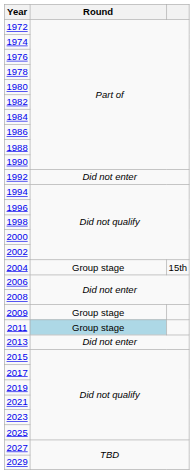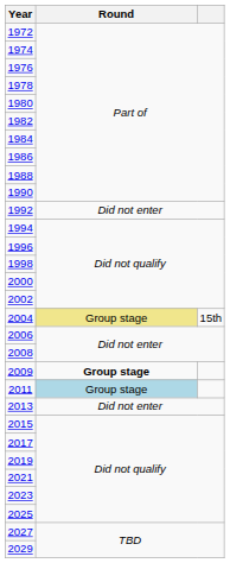 <table class="wikitable" style="text-align: center; font-size:90%">
 <tr>
 <th>Year</th>
 <th style="width:200px">Round</th>
 <th></th>
 </tr>
 <tr>
 <td><a href='#'>1972</a></td>
 <td colspan="2" rowspan="10"><em>Part of </em></td>
 </tr>
 <tr>
 <td><a href='#'>1974</a></td>
 </tr>
 <tr>
 <td><a href='#'>1976</a></td>
 </tr>
 <tr>
 <td><a href='#'>1978</a></td>
 </tr>
 <tr>
 <td><a href='#'>1980</a></td>
 </tr>
 <tr>
 <td><a href='#'>1982</a></td>
 </tr>
 <tr>
 <td><a href='#'>1984</a></td>
 </tr>
 <tr>
 <td><a href='#'>1986</a></td>
 </tr>
 <tr>
 <td><a href='#'>1988</a></td>
 </tr>
 <tr>
 <td><a href='#'>1990</a></td>
 </tr>
 <tr>
 <td><a href='#'>1992</a></td>
 <td colspan="2"><em>Did not enter</em></td>
 </tr>
 <tr>
 <td><a href='#'>1994</a></td>
 <td colspan="2" rowspan="5"><em>Did not qualify</em></td>
 </tr>
 <tr>
 <td><a href='#'>1996</a></td>
 </tr>
 <tr>
 <td><a href='#'>1998</a></td>
 </tr>
 <tr>
 <td><a href='#'>2000</a></td>
 </tr>
 <tr>
 <td><a href='#'>2002</a></td>
 </tr>
 <tr>
 <td><a href='#'>2004</a></td>
-<td>Group stage</td>
+<td style="background: khaki;">Group stage</td>
 <td>15th</td>
 </tr>
 <tr>
 <td><a href='#'>2006</a></td>
 <td colspan="2" rowspan="2"><em>Did not enter</em></td>
 </tr>
 <tr>
 <td><a href='#'>2008</a></td>
 </tr>
 <tr>
 <td><a href='#'>2009</a></td>
-<td>Group stage</td>
+<td><strong>Group stage</strong></td>
 <td></td>
 </tr>
 <tr>
 <td><a href='#'>2011</a></td>
 <td style="background: lightblue;">Group stage</td>
 <td></td>
 </tr>
 <tr>
 <td><a href='#'>2013</a></td>
 <td colspan="2"><em>Did not enter</em></td>
 </tr>
 <tr>
 <td><a href='#'>2015</a></td>
 <td colspan="2" rowspan="6"><em>Did not qualify</em></td>
 </tr>
 <tr>
 <td><a href='#'>2017</a></td>
 </tr>
 <tr>
 <td><a href='#'>2019</a></td>
 </tr>
 <tr>
 <td><a href='#'>2021</a></td>
 </tr>
 <tr>
 <td><a href='#'>2023</a></td>
 </tr>
 <tr>
 <td><a href='#'>2025</a></td>
 </tr>
 <tr>
 <td><a href='#'>2027</a></td>
 <td colspan="2" rowspan="2"><em>TBD</em></td>
 </tr>
 <tr>
 <td><a href='#'>2029</a></td>
 </tr>
 </table>
